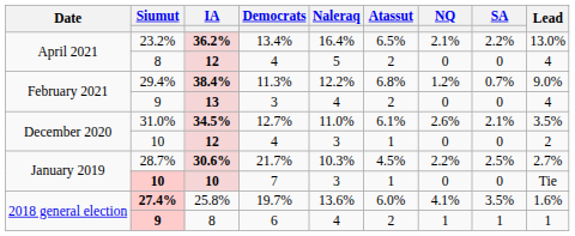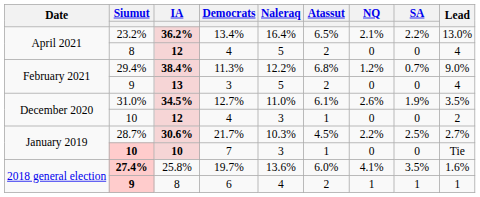 <table class="wikitable sortable mw-datatable" style="text-align:center;font-size:90%;line-height:14px;">
 <tr>
 <th rowspan="2">Date</th>
 <th class="unsortable" style="width:50px;"><a href='#'>Siumut</a></th>
 <th class="unsortable" style="width:50px;"><a href='#'>IA</a></th>
 <th class="unsortable" style="width:50px;"><a href='#'>Democrats</a></th>
 <th class="unsortable" style="width:50px;"><a href='#'>Naleraq</a></th>
 <th class="unsortable" style="width:50px;"><a href='#'>Atassut</a></th>
 <th class="unsortable" style="width:50px;"><a href='#'>NQ</a></th>
 <th class="unsortable" style="width:50px;"><a href='#'>SA</a></th>
 <th rowspan="2">Lead</th>
 </tr>
 <tr>
 <th data-sort-type="number" style="background:"></th>
 <th data-sort-type="number" style="background:"></th>
 <th data-sort-type="number" style="background:"></th>
 <th data-sort-type="number" style="background:"></th>
 <th data-sort-type="number" style="background:"></th>
 <th data-sort-type="number" style="background:"></th>
 <th data-sort-type="number" style="background:"></th>
 </tr>
 <tr>
 <td rowspan="2">April 2021</td>
 <td>23.2%</td>
 <td style="background:#F6D5D6;"><strong>36.2%</strong></td>
 <td>13.4%</td>
 <td>16.4%</td>
 <td>6.5%</td>
 <td>2.1%</td>
 <td>2.2%</td>
 <td style="background:">13.0%</td>
 </tr>
 <tr>
 <td>8</td>
 <td style="background:#F6D5D6;"><strong>12</strong></td>
 <td>4</td>
 <td>5</td>
 <td>2</td>
 <td>0</td>
 <td>0</td>
 <td style="background:">4</td>
 </tr>
 <tr>
 <td rowspan="2">February 2021</td>
 <td>29.4%</td>
 <td style="background:#F6D5D6;"><strong>38.4%</strong></td>
 <td>11.3%</td>
 <td>12.2%</td>
 <td>6.8%</td>
 <td>1.2%</td>
 <td>0.7%</td>
 <td style="background:">9.0%</td>
 </tr>
 <tr>
 <td>9</td>
 <td style="background:#F6D5D6;"><strong>13</strong></td>
 <td>3</td>
-<td>4</td>
+<td>5</td>
 <td>2</td>
 <td>0</td>
 <td>0</td>
 <td style="background:">4</td>
 </tr>
 <tr>
 <td rowspan="2">December 2020</td>
 <td>31.0%</td>
 <td style="background:#F6D5D6;"><strong>34.5%</strong></td>
 <td>12.7%</td>
 <td>11.0%</td>
 <td>6.1%</td>
 <td>2.6%</td>
-<td>2.1%</td>
+<td>1.9%</td>
 <td style="background:">3.5%</td>
 </tr>
 <tr>
 <td>10</td>
 <td style="background:#F6D5D6;"><strong>12</strong></td>
 <td>4</td>
 <td>3</td>
 <td>1</td>
 <td>0</td>
 <td>0</td>
 <td style="background:">2</td>
 </tr>
 <tr>
 <td rowspan="2">January 2019</td>
 <td>28.7%</td>
 <td style="background:#F6D5D6;"><strong>30.6%</strong></td>
 <td>21.7%</td>
 <td>10.3%</td>
 <td>4.5%</td>
 <td>2.2%</td>
 <td>2.5%</td>
 <td style="background:">2.7%</td>
 </tr>
 <tr>
 <td style="background:#FFCCCC;"><strong>10</strong></td>
 <td style="background:#F6D5D6;"><strong>10</strong></td>
 <td>7</td>
 <td>3</td>
 <td>1</td>
 <td>0</td>
 <td>0</td>
 <td>Tie</td>
 </tr>
 <tr>
 <td rowspan="2"><a href='#'>2018 general election</a></td>
 <td style="background:#FFCCCC;"><strong>27.4%</strong></td>
 <td>25.8%</td>
 <td>19.7%</td>
 <td>13.6%</td>
 <td>6.0%</td>
 <td>4.1%</td>
 <td>3.5%</td>
 <td style="background:">1.6%</td>
 </tr>
 <tr>
 <td style="background:#FFCCCC;"><strong>9</strong></td>
 <td>8</td>
 <td>6</td>
 <td>4</td>
 <td>2</td>
 <td>1</td>
 <td>1</td>
 <td style="background:">1</td>
 </tr>
 </table>
